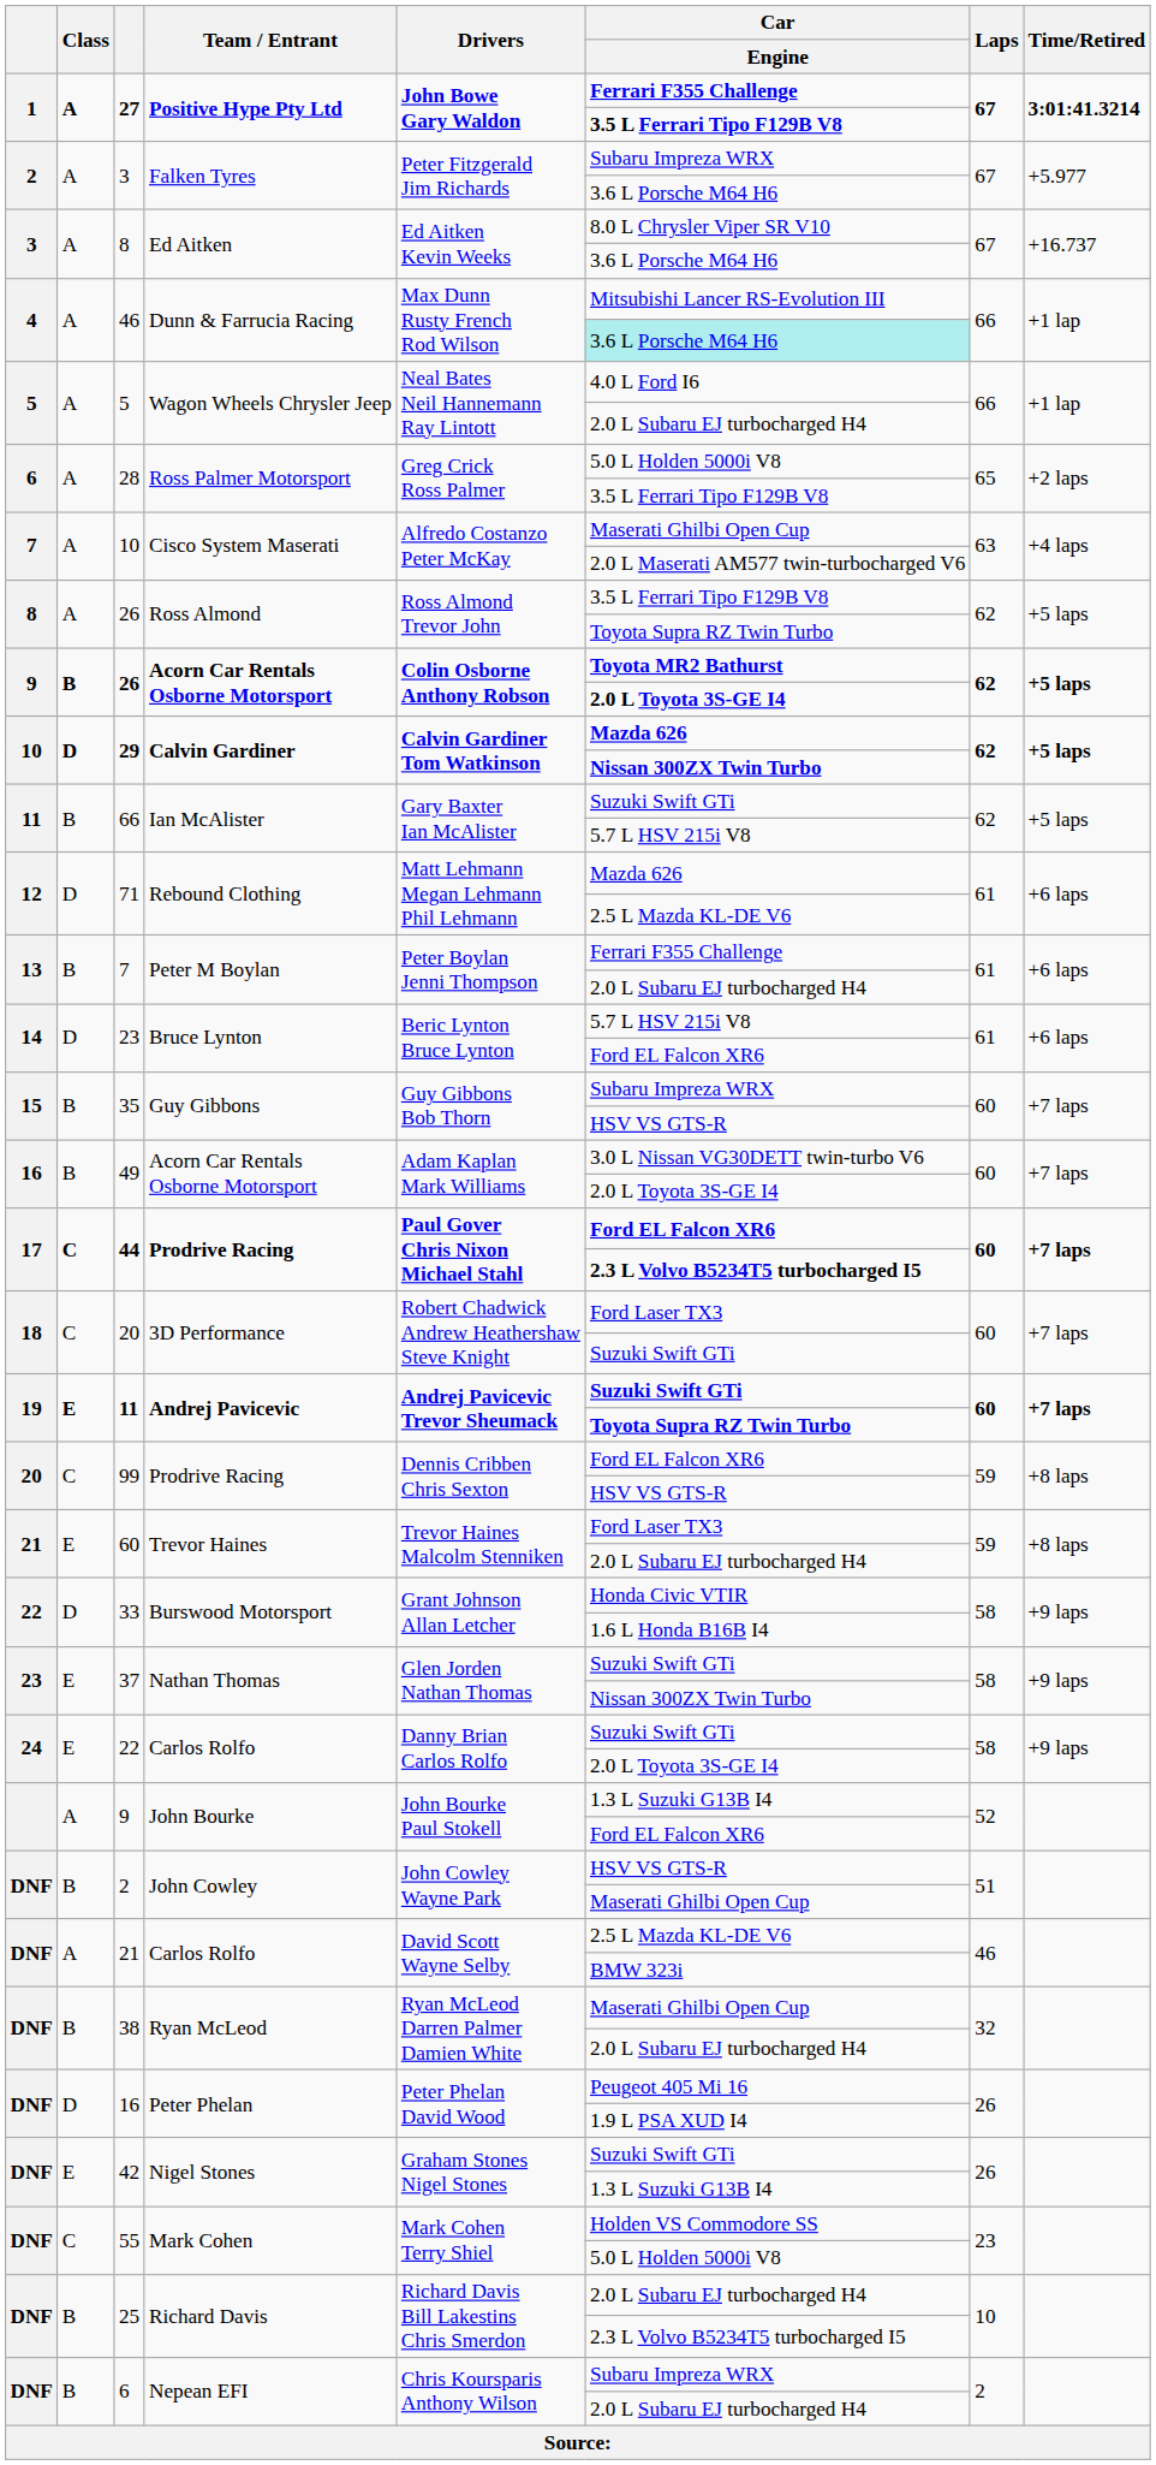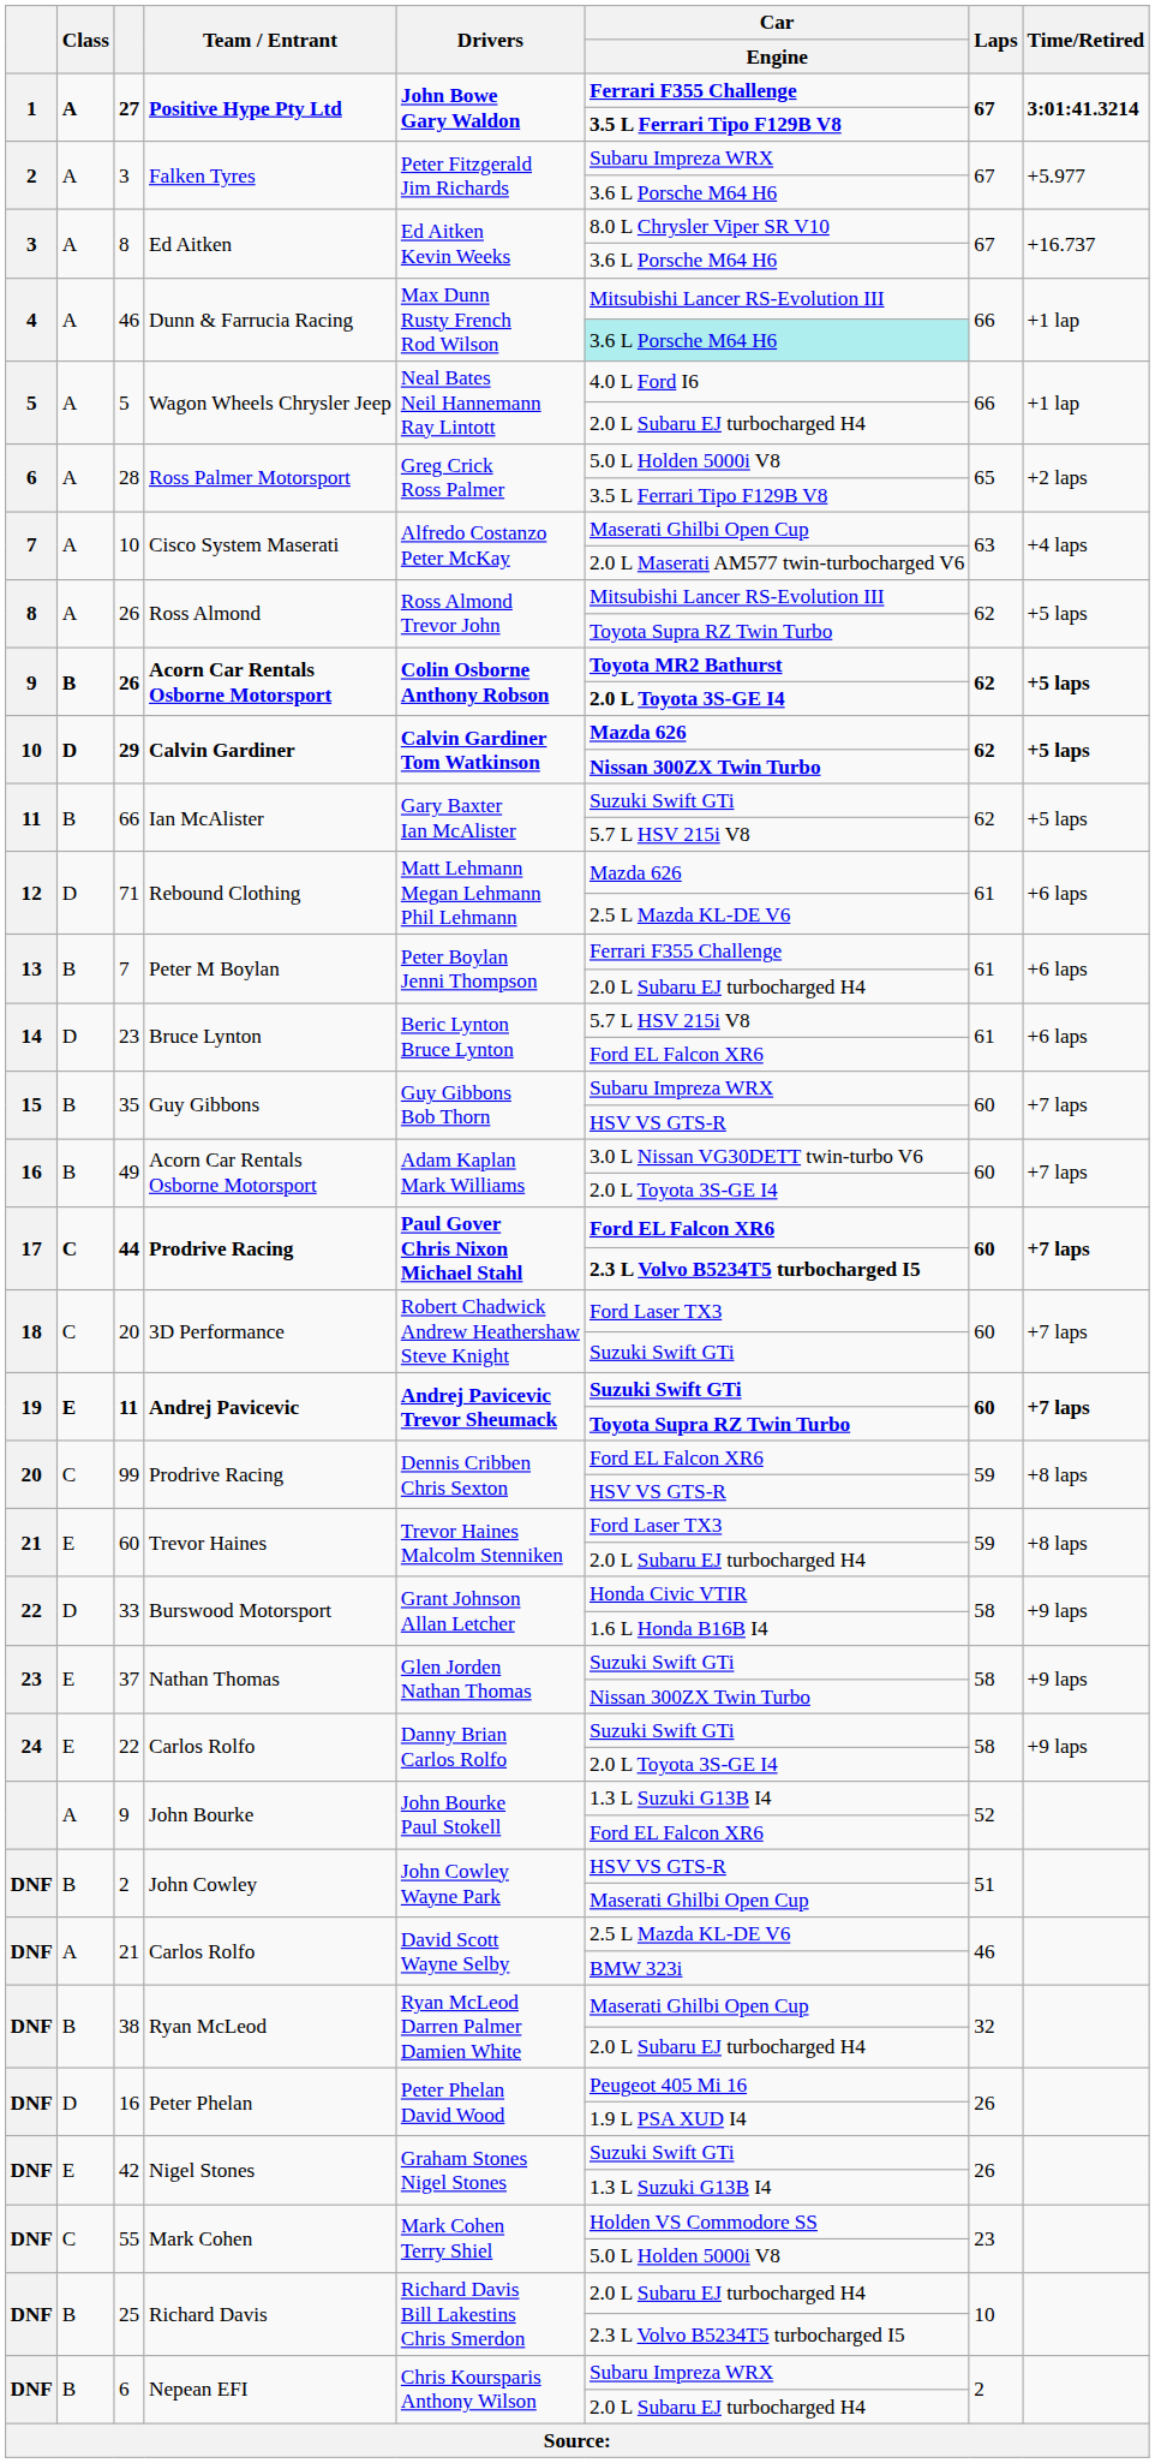 <table class="wikitable" style="font-size: 95%;">
 <tr>
 <th rowspan=2></th>
 <th rowspan=2>Class</th>
 <th rowspan=2></th>
 <th rowspan=2>Team / Entrant</th>
 <th rowspan=2>Drivers</th>
 <th>Car</th>
 <th rowspan=2>Laps</th>
 <th rowspan="2">Time/Retired</th>
 </tr>
 <tr>
 <th>Engine</th>
 </tr>
 <tr style="font-weight: bold">
 <th rowspan="2">1</th>
 <td rowspan="2">A</td>
 <td rowspan="2">27</td>
 <td rowspan="2"><a href='#'>Positive Hype Pty Ltd</a></td>
 <td rowspan="2"><a href='#'>John Bowe</a><br> <a href='#'>Gary Waldon</a></td>
 <td><a href='#'>Ferrari F355 Challenge</a></td>
 <td rowspan="2">67</td>
 <td rowspan="2">3:01:41.3214</td>
 </tr>
 <tr style="font-weight: bold">
 <td>3.5 L <a href='#'>Ferrari Tipo F129B V8</a></td>
 </tr>
 <tr>
 <th rowspan="2">2</th>
 <td rowspan="2">A</td>
 <td rowspan="2">3</td>
 <td rowspan="2"><a href='#'>Falken Tyres</a></td>
 <td rowspan="2"><a href='#'>Peter Fitzgerald</a><br> <a href='#'>Jim Richards</a></td>
 <td><a href='#'>Subaru Impreza WRX</a></td>
 <td rowspan="2">67</td>
 <td rowspan="2">+5.977</td>
 </tr>
 <tr>
 <td>3.6 L <a href='#'>Porsche M64 H6</a></td>
 </tr>
 <tr>
 <th rowspan="2">3</th>
 <td rowspan="2">A</td>
 <td rowspan="2">8</td>
 <td rowspan="2">Ed Aitken</td>
 <td rowspan="2"><a href='#'>Ed Aitken</a><br> <a href='#'>Kevin Weeks</a></td>
 <td>8.0 L <a href='#'>Chrysler Viper SR V10</a></td>
 <td rowspan="2">67</td>
 <td rowspan="2">+16.737</td>
 </tr>
 <tr>
 <td>3.6 L <a href='#'>Porsche M64 H6</a></td>
 </tr>
 <tr>
 <th rowspan="2">4</th>
 <td rowspan="2">A</td>
 <td rowspan="2">46</td>
 <td rowspan="2">Dunn & Farrucia Racing</td>
 <td rowspan="2"><a href='#'>Max Dunn</a><br> <a href='#'>Rusty French</a><br> <a href='#'>Rod Wilson</a></td>
 <td><a href='#'>Mitsubishi Lancer RS-Evolution III</a></td>
 <td rowspan="2">66</td>
 <td rowspan="2">+1 lap</td>
 </tr>
 <tr>
 <td style="background: paleturquoise;">3.6 L <a href='#'>Porsche M64 H6</a></td>
 </tr>
 <tr>
 <th rowspan="2">5</th>
 <td rowspan="2">A</td>
 <td rowspan="2">5</td>
 <td rowspan="2">Wagon Wheels Chrysler Jeep</td>
 <td rowspan="2"><a href='#'>Neal Bates</a><br> <a href='#'>Neil Hannemann</a><br> <a href='#'>Ray Lintott</a></td>
 <td>4.0 L <a href='#'>Ford</a> I6</td>
 <td rowspan="2">66</td>
 <td rowspan="2">+1 lap</td>
 </tr>
 <tr>
 <td>2.0 L <a href='#'>Subaru EJ</a> turbocharged H4</td>
 </tr>
 <tr>
 <th rowspan="2">6</th>
 <td rowspan="2">A</td>
 <td rowspan="2">28</td>
 <td rowspan="2"><a href='#'>Ross Palmer Motorsport</a></td>
 <td rowspan="2"><a href='#'>Greg Crick</a><br> <a href='#'>Ross Palmer</a></td>
 <td>5.0 L <a href='#'>Holden 5000i</a> V8</td>
 <td rowspan="2">65</td>
 <td rowspan="2">+2 laps</td>
 </tr>
 <tr>
 <td>3.5 L <a href='#'>Ferrari Tipo F129B V8</a></td>
 </tr>
 <tr>
 <th rowspan="2">7</th>
 <td rowspan="2">A</td>
 <td rowspan="2">10</td>
 <td rowspan="2">Cisco System Maserati</td>
 <td rowspan="2"><a href='#'>Alfredo Costanzo</a><br> <a href='#'>Peter McKay</a></td>
 <td><a href='#'>Maserati Ghilbi Open Cup</a></td>
 <td rowspan="2">63</td>
 <td rowspan="2">+4 laps</td>
 </tr>
 <tr>
 <td>2.0 L <a href='#'>Maserati</a> AM577 twin-turbocharged V6</td>
 </tr>
 <tr>
 <th rowspan="2">8</th>
 <td rowspan="2">A</td>
 <td rowspan="2">26</td>
 <td rowspan="2">Ross Almond</td>
 <td rowspan="2"><a href='#'>Ross Almond</a><br> <a href='#'>Trevor John</a></td>
-<td>3.5 L <a href='#'>Ferrari Tipo F129B V8</a></td>
+<td><a href='#'>Mitsubishi Lancer RS-Evolution III</a></td>
 <td rowspan="2">62</td>
 <td rowspan="2">+5 laps</td>
 </tr>
 <tr>
 <td><a href='#'>Toyota Supra RZ Twin Turbo</a></td>
 </tr>
 <tr style="font-weight: bold">
 <th rowspan="2">9</th>
 <td rowspan="2">B</td>
 <td rowspan="2">26</td>
 <td rowspan="2">Acorn Car Rentals<br> <a href='#'>Osborne Motorsport</a></td>
 <td rowspan="2"><a href='#'>Colin Osborne</a><br> <a href='#'>Anthony Robson</a></td>
 <td><a href='#'>Toyota MR2 Bathurst</a></td>
 <td rowspan="2">62</td>
 <td rowspan="2">+5 laps</td>
 </tr>
 <tr style="font-weight: bold">
 <td>2.0 L <a href='#'>Toyota 3S-GE I4</a></td>
 </tr>
 <tr style="font-weight: bold">
 <th rowspan="2">10</th>
 <td rowspan="2">D</td>
 <td rowspan="2">29</td>
 <td rowspan="2">Calvin Gardiner</td>
 <td rowspan="2"><a href='#'>Calvin Gardiner</a><br> <a href='#'>Tom Watkinson</a></td>
 <td><a href='#'>Mazda 626</a></td>
 <td rowspan="2">62</td>
 <td rowspan="2">+5 laps</td>
 </tr>
 <tr style="font-weight: bold">
 <td><a href='#'>Nissan 300ZX Twin Turbo</a></td>
 </tr>
 <tr>
 <th rowspan="2">11</th>
 <td rowspan="2">B</td>
 <td rowspan="2">66</td>
 <td rowspan="2">Ian McAlister</td>
 <td rowspan="2"><a href='#'>Gary Baxter</a><br> <a href='#'>Ian McAlister</a></td>
 <td><a href='#'>Suzuki Swift GTi</a></td>
 <td rowspan="2">62</td>
 <td rowspan="2">+5 laps</td>
 </tr>
 <tr>
 <td>5.7 L <a href='#'>HSV 215i</a> V8</td>
 </tr>
 <tr>
 <th rowspan="2">12</th>
 <td rowspan="2">D</td>
 <td rowspan="2">71</td>
 <td rowspan="2">Rebound Clothing</td>
 <td rowspan="2"><a href='#'>Matt Lehmann</a><br> <a href='#'>Megan Lehmann</a><br> <a href='#'>Phil Lehmann</a></td>
 <td><a href='#'>Mazda 626</a></td>
 <td rowspan="2">61</td>
 <td rowspan="2">+6 laps</td>
 </tr>
 <tr>
 <td>2.5 L <a href='#'>Mazda KL-DE V6</a></td>
 </tr>
 <tr>
 <th rowspan="2">13</th>
 <td rowspan="2">B</td>
 <td rowspan="2">7</td>
 <td rowspan="2">Peter M Boylan</td>
 <td rowspan="2"><a href='#'>Peter Boylan</a><br> <a href='#'>Jenni Thompson</a></td>
 <td><a href='#'>Ferrari F355 Challenge</a></td>
 <td rowspan="2">61</td>
 <td rowspan="2">+6 laps</td>
 </tr>
 <tr>
 <td>2.0 L <a href='#'>Subaru EJ</a> turbocharged H4</td>
 </tr>
 <tr>
 <th rowspan="2">14</th>
 <td rowspan="2">D</td>
 <td rowspan="2">23</td>
 <td rowspan="2">Bruce Lynton</td>
 <td rowspan="2"><a href='#'>Beric Lynton</a><br> <a href='#'>Bruce Lynton</a></td>
 <td>5.7 L <a href='#'>HSV 215i</a> V8</td>
 <td rowspan="2">61</td>
 <td rowspan="2">+6 laps</td>
 </tr>
 <tr>
 <td><a href='#'>Ford EL Falcon XR6</a></td>
 </tr>
 <tr>
 <th rowspan="2">15</th>
 <td rowspan="2">B</td>
 <td rowspan="2">35</td>
 <td rowspan="2">Guy Gibbons</td>
 <td rowspan="2"><a href='#'>Guy Gibbons</a><br> <a href='#'>Bob Thorn</a></td>
 <td><a href='#'>Subaru Impreza WRX</a></td>
 <td rowspan="2">60</td>
 <td rowspan="2">+7 laps</td>
 </tr>
 <tr>
 <td><a href='#'>HSV VS GTS-R</a></td>
 </tr>
 <tr>
 <th rowspan="2">16</th>
 <td rowspan="2">B</td>
 <td rowspan="2">49</td>
 <td rowspan="2">Acorn Car Rentals<br> <a href='#'>Osborne Motorsport</a></td>
 <td rowspan="2"><a href='#'>Adam Kaplan</a><br> <a href='#'>Mark Williams</a></td>
 <td>3.0 L <a href='#'>Nissan VG30DETT</a> twin-turbo V6</td>
 <td rowspan="2">60</td>
 <td rowspan="2">+7 laps</td>
 </tr>
 <tr>
 <td>2.0 L <a href='#'>Toyota 3S-GE I4</a></td>
 </tr>
 <tr style="font-weight: bold">
 <th rowspan="2">17</th>
 <td rowspan="2">C</td>
 <td rowspan="2">44</td>
 <td rowspan="2">Prodrive Racing</td>
 <td rowspan="2"><a href='#'>Paul Gover</a><br> <a href='#'>Chris Nixon</a><br> <a href='#'>Michael Stahl</a></td>
 <td><a href='#'>Ford EL Falcon XR6</a></td>
 <td rowspan="2">60</td>
 <td rowspan="2">+7 laps</td>
 </tr>
 <tr style="font-weight: bold">
 <td>2.3 L <a href='#'>Volvo B5234T5</a> turbocharged I5</td>
 </tr>
 <tr>
 <th rowspan="2">18</th>
 <td rowspan="2">C</td>
 <td rowspan="2">20</td>
 <td rowspan="2">3D Performance</td>
 <td rowspan="2"><a href='#'>Robert Chadwick</a><br> <a href='#'>Andrew Heathershaw</a><br> <a href='#'>Steve Knight</a></td>
 <td><a href='#'>Ford Laser TX3</a></td>
 <td rowspan="2">60</td>
 <td rowspan="2">+7 laps</td>
 </tr>
 <tr>
 <td><a href='#'>Suzuki Swift GTi</a></td>
 </tr>
 <tr style="font-weight: bold">
 <th rowspan="2">19</th>
 <td rowspan="2">E</td>
 <td rowspan="2">11</td>
 <td rowspan="2">Andrej Pavicevic</td>
 <td rowspan="2"><a href='#'>Andrej Pavicevic</a><br> <a href='#'>Trevor Sheumack</a></td>
 <td><a href='#'>Suzuki Swift GTi</a></td>
 <td rowspan="2">60</td>
 <td rowspan="2">+7 laps</td>
 </tr>
 <tr style="font-weight: bold">
 <td><a href='#'>Toyota Supra RZ Twin Turbo</a></td>
 </tr>
 <tr>
 <th rowspan="2">20</th>
 <td rowspan="2">C</td>
 <td rowspan="2">99</td>
 <td rowspan="2">Prodrive Racing</td>
 <td rowspan="2"><a href='#'>Dennis Cribben</a><br> <a href='#'>Chris Sexton</a></td>
 <td><a href='#'>Ford EL Falcon XR6</a></td>
 <td rowspan="2">59</td>
 <td rowspan="2">+8 laps</td>
 </tr>
 <tr>
 <td><a href='#'>HSV VS GTS-R</a></td>
 </tr>
 <tr>
 <th rowspan="2">21</th>
 <td rowspan="2">E</td>
 <td rowspan="2">60</td>
 <td rowspan="2">Trevor Haines</td>
 <td rowspan="2"><a href='#'>Trevor Haines</a><br> <a href='#'>Malcolm Stenniken</a></td>
 <td><a href='#'>Ford Laser TX3</a></td>
 <td rowspan="2">59</td>
 <td rowspan="2">+8 laps</td>
 </tr>
 <tr>
 <td>2.0 L <a href='#'>Subaru EJ</a> turbocharged H4</td>
 </tr>
 <tr>
 <th rowspan="2">22</th>
 <td rowspan="2">D</td>
 <td rowspan="2">33</td>
 <td rowspan="2">Burswood Motorsport</td>
 <td rowspan="2"><a href='#'>Grant Johnson</a><br> <a href='#'>Allan Letcher</a></td>
 <td><a href='#'>Honda Civic VTIR</a></td>
 <td rowspan="2">58</td>
 <td rowspan="2">+9 laps</td>
 </tr>
 <tr>
 <td>1.6 L <a href='#'>Honda B16B</a> I4</td>
 </tr>
 <tr>
 <th rowspan="2">23</th>
 <td rowspan="2">E</td>
 <td rowspan="2">37</td>
 <td rowspan="2">Nathan Thomas</td>
 <td rowspan="2"><a href='#'>Glen Jorden</a><br> <a href='#'>Nathan Thomas</a></td>
 <td><a href='#'>Suzuki Swift GTi</a></td>
 <td rowspan="2">58</td>
 <td rowspan="2">+9 laps</td>
 </tr>
 <tr>
 <td><a href='#'>Nissan 300ZX Twin Turbo</a></td>
 </tr>
 <tr>
 <th rowspan="2">24</th>
 <td rowspan="2">E</td>
 <td rowspan="2">22</td>
 <td rowspan="2">Carlos Rolfo</td>
 <td rowspan="2"><a href='#'>Danny Brian</a><br> <a href='#'>Carlos Rolfo</a></td>
 <td><a href='#'>Suzuki Swift GTi</a></td>
 <td rowspan="2">58</td>
 <td rowspan="2">+9 laps</td>
 </tr>
 <tr>
 <td>2.0 L <a href='#'>Toyota 3S-GE I4</a></td>
 </tr>
 <tr>
 <th rowspan="2"></th>
 <td rowspan="2">A</td>
 <td rowspan="2">9</td>
 <td rowspan="2">John Bourke</td>
 <td rowspan="2"><a href='#'>John Bourke</a><br> <a href='#'>Paul Stokell</a></td>
 <td>1.3 L <a href='#'>Suzuki G13B</a> I4</td>
 <td rowspan="2">52</td>
 <td rowspan="2"></td>
 </tr>
 <tr>
 <td><a href='#'>Ford EL Falcon XR6</a></td>
 </tr>
 <tr>
 <th rowspan="2">DNF</th>
 <td rowspan="2">B</td>
 <td rowspan="2">2</td>
 <td rowspan="2">John Cowley</td>
 <td rowspan="2"><a href='#'>John Cowley</a><br> <a href='#'>Wayne Park</a></td>
 <td><a href='#'>HSV VS GTS-R</a></td>
 <td rowspan="2">51</td>
 <td rowspan="2"></td>
 </tr>
 <tr>
 <td><a href='#'>Maserati Ghilbi Open Cup</a></td>
 </tr>
 <tr>
 <th rowspan="2">DNF</th>
 <td rowspan="2">A</td>
 <td rowspan="2">21</td>
 <td rowspan="2">Carlos Rolfo</td>
 <td rowspan="2"><a href='#'>David Scott</a><br> <a href='#'>Wayne Selby</a></td>
 <td>2.5 L <a href='#'>Mazda KL-DE V6</a></td>
 <td rowspan="2">46</td>
 <td rowspan="2"></td>
 </tr>
 <tr>
 <td><a href='#'>BMW 323i</a></td>
 </tr>
 <tr>
 <th rowspan="2">DNF</th>
 <td rowspan="2">B</td>
 <td rowspan="2">38</td>
 <td rowspan="2">Ryan McLeod</td>
 <td rowspan="2"><a href='#'>Ryan McLeod</a><br> <a href='#'>Darren Palmer</a><br> <a href='#'>Damien White</a></td>
 <td><a href='#'>Maserati Ghilbi Open Cup</a></td>
 <td rowspan="2">32</td>
 <td rowspan="2"></td>
 </tr>
 <tr>
 <td>2.0 L <a href='#'>Subaru EJ</a> turbocharged H4</td>
 </tr>
 <tr>
 <th rowspan="2">DNF</th>
 <td rowspan="2">D</td>
 <td rowspan="2">16</td>
 <td rowspan="2">Peter Phelan</td>
 <td rowspan="2"><a href='#'>Peter Phelan</a><br> <a href='#'>David Wood</a></td>
 <td><a href='#'>Peugeot 405 Mi 16</a></td>
 <td rowspan="2">26</td>
 <td rowspan="2"></td>
 </tr>
 <tr>
 <td>1.9 L <a href='#'>PSA XUD</a> I4</td>
 </tr>
 <tr>
 <th rowspan="2">DNF</th>
 <td rowspan="2">E</td>
 <td rowspan="2">42</td>
 <td rowspan="2">Nigel Stones</td>
 <td rowspan="2"><a href='#'>Graham Stones</a><br> <a href='#'>Nigel Stones</a></td>
 <td><a href='#'>Suzuki Swift GTi</a></td>
 <td rowspan="2">26</td>
 <td rowspan="2"></td>
 </tr>
 <tr>
 <td>1.3 L <a href='#'>Suzuki G13B</a> I4</td>
 </tr>
 <tr>
 <th rowspan="2">DNF</th>
 <td rowspan="2">C</td>
 <td rowspan="2">55</td>
 <td rowspan="2">Mark Cohen</td>
 <td rowspan="2"><a href='#'>Mark Cohen</a><br> <a href='#'>Terry Shiel</a></td>
 <td><a href='#'>Holden VS Commodore SS</a></td>
 <td rowspan="2">23</td>
 <td rowspan="2"></td>
 </tr>
 <tr>
 <td>5.0 L <a href='#'>Holden 5000i</a> V8</td>
 </tr>
 <tr>
 <th rowspan="2">DNF</th>
 <td rowspan="2">B</td>
 <td rowspan="2">25</td>
 <td rowspan="2">Richard Davis</td>
 <td rowspan="2"><a href='#'>Richard Davis</a><br> <a href='#'>Bill Lakestins</a><br> <a href='#'>Chris Smerdon</a></td>
 <td>2.0 L <a href='#'>Subaru EJ</a> turbocharged H4</td>
 <td rowspan="2">10</td>
 <td rowspan="2"></td>
 </tr>
 <tr>
 <td>2.3 L <a href='#'>Volvo B5234T5</a> turbocharged I5</td>
 </tr>
 <tr>
 <th rowspan="2">DNF</th>
 <td rowspan="2">B</td>
 <td rowspan="2">6</td>
 <td rowspan="2">Nepean EFI</td>
 <td rowspan="2"><a href='#'>Chris Koursparis</a><br> <a href='#'>Anthony Wilson</a></td>
 <td><a href='#'>Subaru Impreza WRX</a></td>
 <td rowspan="2">2</td>
 <td rowspan="2"></td>
 </tr>
 <tr>
 <td>2.0 L <a href='#'>Subaru EJ</a> turbocharged H4</td>
 </tr>
 <tr>
 <th colspan=8>Source:</th>
 </tr>
 </table>
